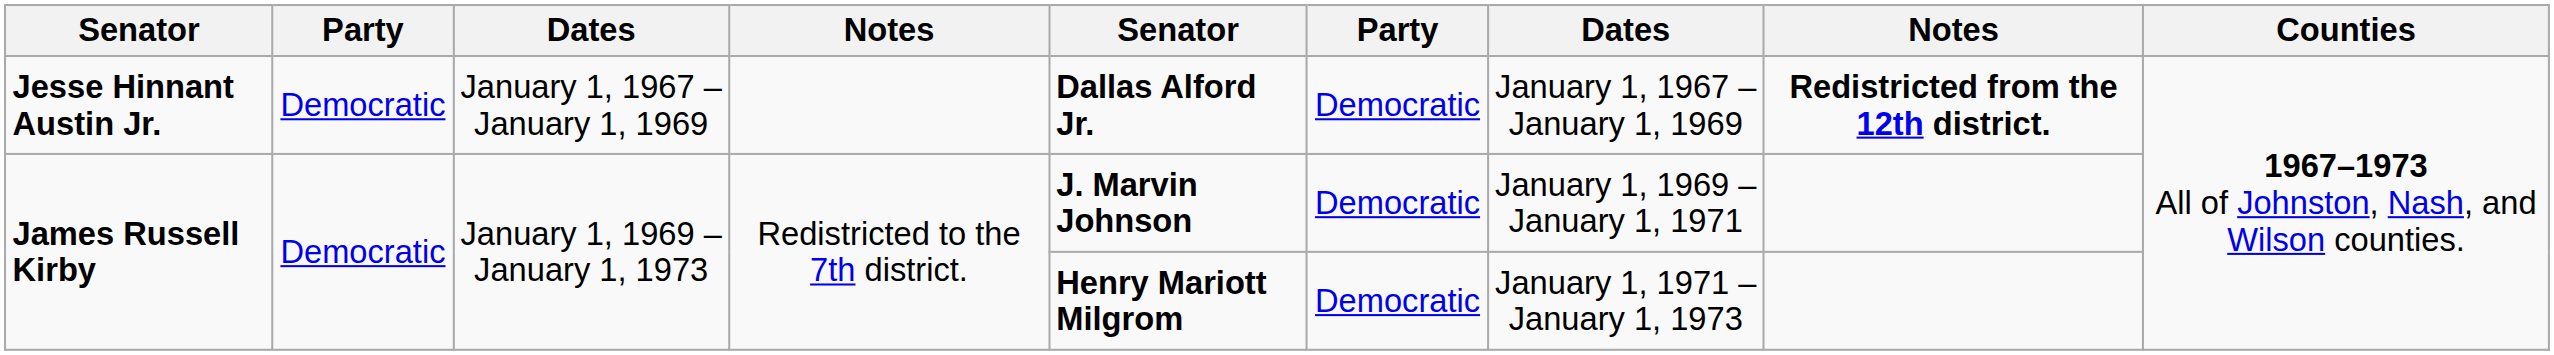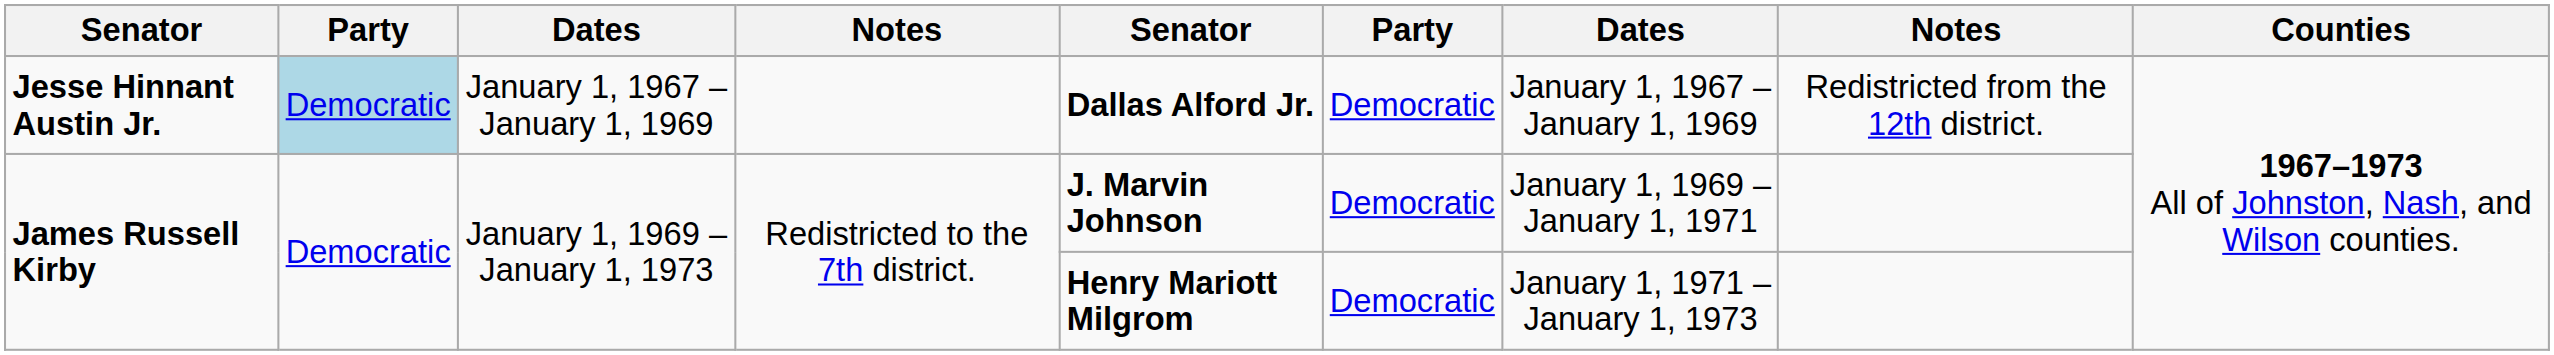 <table class=wikitable style="text-align:center">
 <tr>
 <th>Senator</th>
 <th>Party</th>
 <th>Dates</th>
 <th>Notes</th>
 <th>Senator</th>
 <th>Party</th>
 <th>Dates</th>
 <th>Notes</th>
 <th>Counties</th>
 </tr>
 <tr style="height:3em">
 <td align=left><strong>Jesse Hinnant Austin Jr.</strong></td>
-<td><a href='#'>Democratic</a></td>
+<td style="background: lightblue;"><a href='#'>Democratic</a></td>
 <td nowrap>January 1, 1967 – <br> January 1, 1969</td>
 <td></td>
 <td align=left><strong>Dallas Alford Jr.</strong></td>
 <td><a href='#'>Democratic</a></td>
 <td nowrap>January 1, 1967 – <br> January 1, 1969</td>
-<td><strong>Redistricted from the <a href='#'>12th</a> district.</strong></td>
+<td>Redistricted from the <a href='#'>12th</a> district.</td>
 <td rowspan=3><strong>1967–1973</strong> <br> All of <a href='#'>Johnston</a>, <a href='#'>Nash</a>, and <a href='#'>Wilson</a> counties.</td>
 </tr>
 <tr style="height:3em">
 <td rowspan=2 align=left><strong>James Russell Kirby</strong></td>
 <td rowspan=2 ><a href='#'>Democratic</a></td>
 <td rowspan=2 nowrap>January 1, 1969 – <br> January 1, 1973</td>
 <td rowspan=2>Redistricted to the <a href='#'>7th</a> district.</td>
 <td align=left><strong>J. Marvin Johnson</strong></td>
 <td><a href='#'>Democratic</a></td>
 <td nowrap>January 1, 1969 – <br> January 1, 1971</td>
 <td></td>
 </tr>
 <tr style="height:3em">
 <td align=left><strong>Henry Mariott Milgrom</strong></td>
 <td><a href='#'>Democratic</a></td>
 <td nowrap>January 1, 1971 – <br> January 1, 1973</td>
 <td></td>
 </tr>
 </table>
